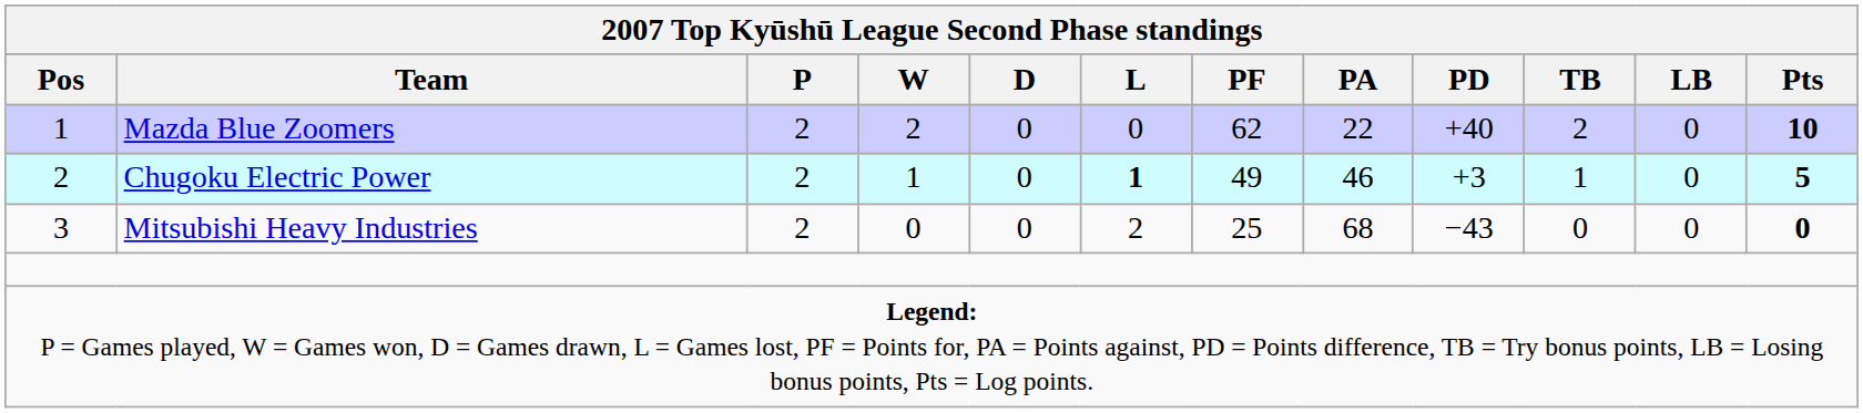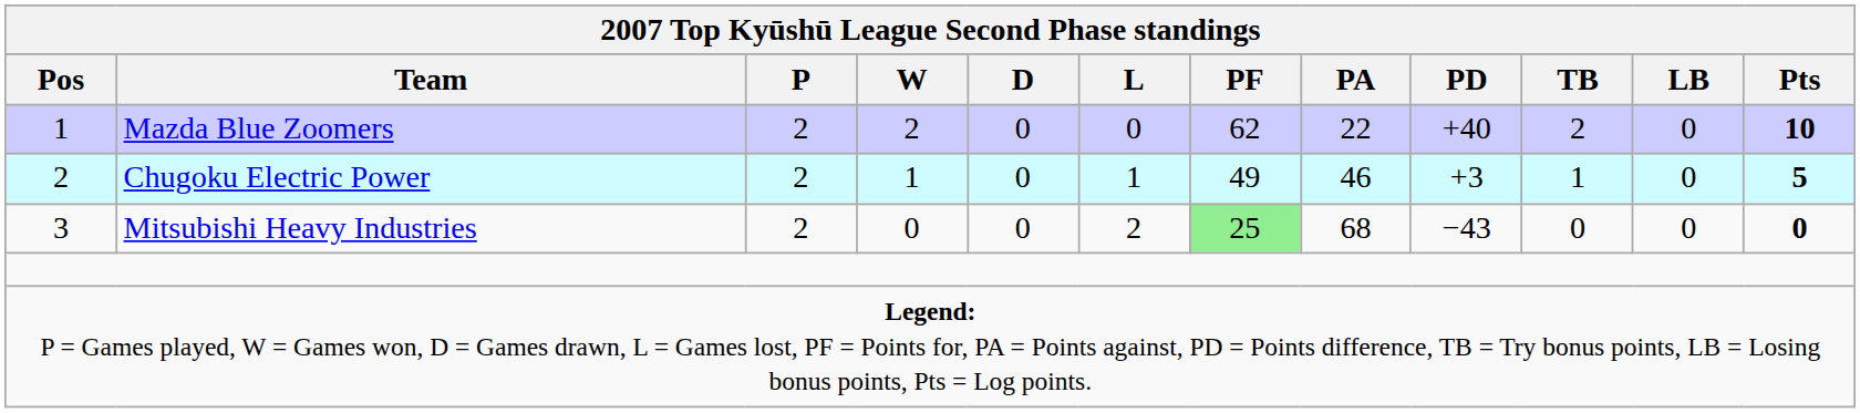 <table class="wikitable" style="text-align:center; font-size:100%; width:60%;">
 <tr>
 <th colspan="100%" cellpadding="0" cellspacing="0"><strong>2007 Top Kyūshū League Second Phase standings</strong></th>
 </tr>
 <tr>
 <th style="width:6%;">Pos</th>
 <th style="width:34%;">Team</th>
 <th style="width:6%;">P</th>
 <th style="width:6%;">W</th>
 <th style="width:6%;">D</th>
 <th style="width:6%;">L</th>
 <th style="width:6%;">PF</th>
 <th style="width:6%;">PA</th>
 <th style="width:6%;">PD</th>
 <th style="width:6%;">TB</th>
 <th style="width:6%;">LB</th>
 <th style="width:6%;">Pts<br></th>
 </tr>
 <tr style="background:#CCCCFF;">
 <td>1</td>
 <td style="text-align:left;"><a href='#'>Mazda Blue Zoomers</a></td>
 <td>2</td>
 <td>2</td>
 <td>0</td>
 <td>0</td>
 <td>62</td>
 <td>22</td>
 <td>+40</td>
 <td>2</td>
 <td>0</td>
 <td><strong>10</strong></td>
 </tr>
 <tr style="background:#CFFCFF;">
 <td>2</td>
 <td style="text-align:left;"><a href='#'>Chugoku Electric Power</a></td>
 <td>2</td>
 <td>1</td>
 <td>0</td>
-<td><strong>1</strong></td>
+<td>1</td>
 <td>49</td>
 <td>46</td>
 <td>+3</td>
 <td>1</td>
 <td>0</td>
 <td><strong>5</strong></td>
 </tr>
 <tr>
 <td>3</td>
 <td style="text-align:left;"><a href='#'>Mitsubishi Heavy Industries</a></td>
 <td>2</td>
 <td>0</td>
 <td>0</td>
 <td>2</td>
-<td>25</td>
+<td style="background: lightgreen;">25</td>
 <td>68</td>
 <td>−43</td>
 <td>0</td>
 <td>0</td>
 <td><strong>0</strong></td>
 </tr>
 <tr>
 <td colspan="100%" style="height:10px;"></td>
 </tr>
 <tr>
 <td colspan="100%"><small><strong>Legend:</strong> <br> P = Games played, W = Games won, D = Games drawn, L = Games lost, PF = Points for, PA = Points against, PD = Points difference, TB = Try bonus points, LB = Losing bonus points, Pts = Log points.</small></td>
 </tr>
 </table>
